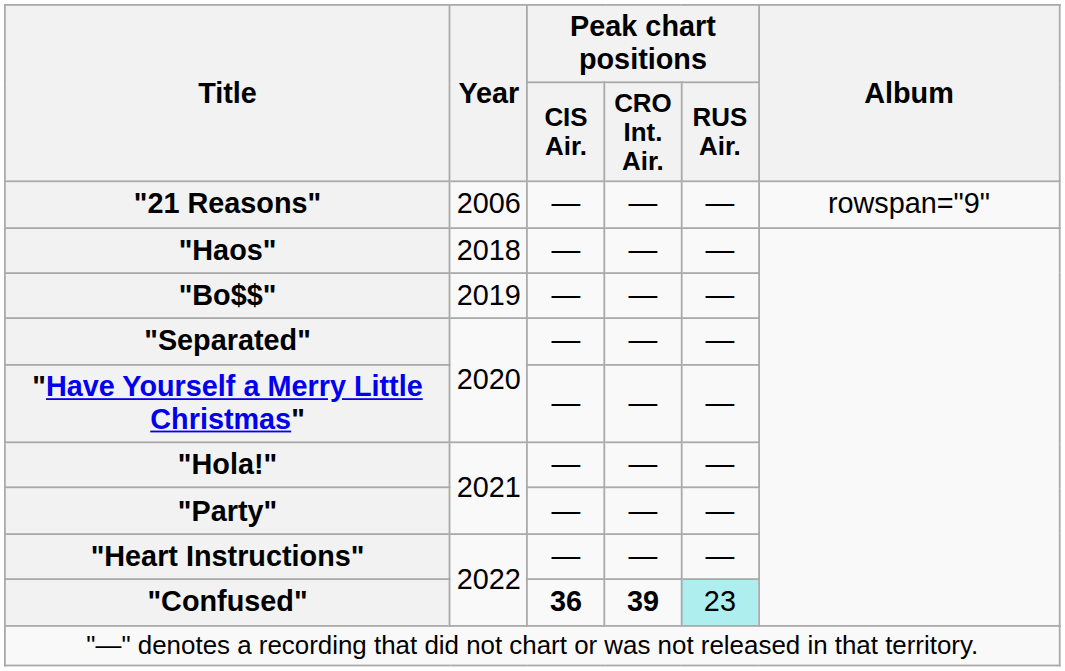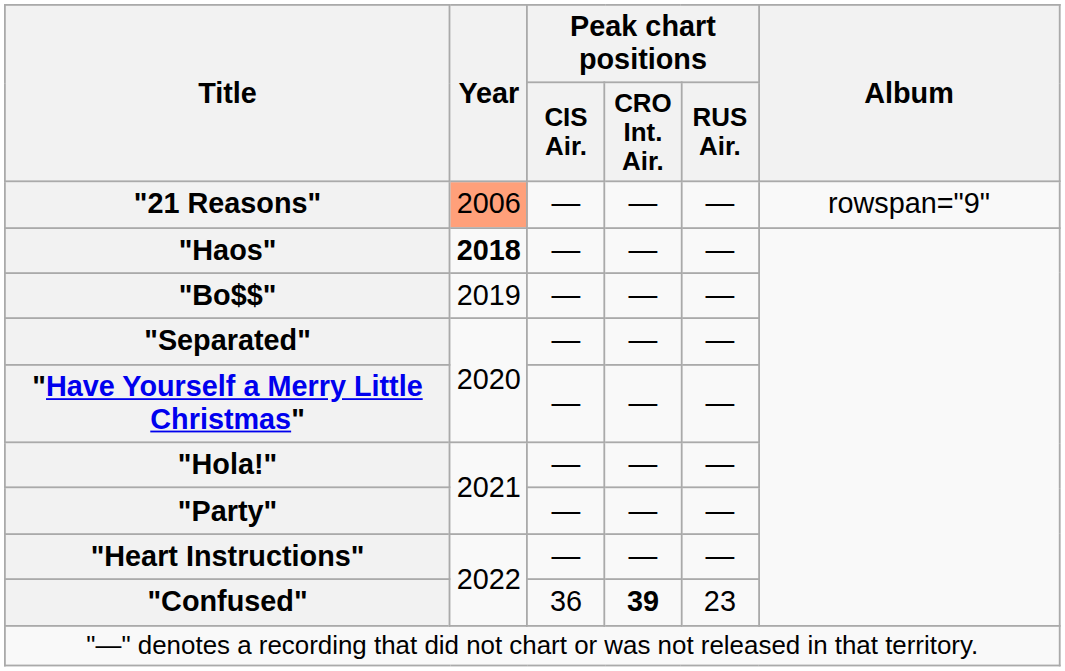 <table class="wikitable plainrowheaders" style="text-align:center;">
 <tr>
 <th scope="col" rowspan="2" style="width:15em;">Title</th>
 <th scope="col" rowspan="2" style="width:1em;">Year</th>
 <th colspan="3" scope="col">Peak chart positions</th>
 <th scope="col" rowspan="2" style="width:10em;">Album</th>
 </tr>
 <tr>
 <th scope="col" style="width:2.5em;font-size:90%;">CIS<br>Air.<br></th>
 <th scope="col" style="width:2.5em;font-size:90%;">CRO<br>Int.<br>Air.<br></th>
 <th scope="col" style="width:2.5em;font-size:90%;">RUS<br>Air.<br></th>
 </tr>
 <tr>
 <th scope="row">"21 Reasons"<br></th>
-<td rowspan="1">2006</td>
+<td rowspan="1" style="background: lightsalmon;">2006</td>
 <td>—</td>
 <td>—</td>
 <td>—</td>
 <td>rowspan="9" </td>
 </tr>
 <tr>
 <th scope="row">"Haos"</th>
-<td rowspan="1">2018</td>
+<td rowspan="1"><strong>2018</strong></td>
 <td>—</td>
 <td>—</td>
 <td>—</td>
 </tr>
 <tr>
 <th scope="row">"Bo$$"</th>
 <td rowspan="1">2019</td>
 <td>—</td>
 <td>—</td>
 <td>—</td>
 </tr>
 <tr>
 <th scope="row">"Separated"</th>
 <td rowspan="2">2020</td>
 <td>—</td>
 <td>—</td>
 <td>—</td>
 </tr>
 <tr>
 <th scope="row">"<a href='#'>Have Yourself a Merry Little Christmas</a>"</th>
 <td>—</td>
 <td>—</td>
 <td>—</td>
 </tr>
 <tr>
 <th scope="row">"Hola!"<br></th>
 <td rowspan="2">2021</td>
 <td>—</td>
 <td>—</td>
 <td>—</td>
 </tr>
 <tr>
 <th scope="row">"Party"<br></th>
 <td>—</td>
 <td>—</td>
 <td>—</td>
 </tr>
 <tr>
 <th scope="row">"Heart Instructions"</th>
 <td rowspan="2">2022</td>
 <td>—</td>
 <td>—</td>
 <td>—</td>
 </tr>
 <tr>
 <th scope="row">"Confused"</th>
-<td><strong>36</strong></td>
+<td>36</td>
 <td><strong>39</strong></td>
-<td style="background: paleturquoise;">23</td>
+<td>23</td>
 </tr>
 <tr>
 <td colspan="6" style="font-size:90%">"—" denotes a recording that did not chart or was not released in that territory.</td>
 </tr>
 </table>
